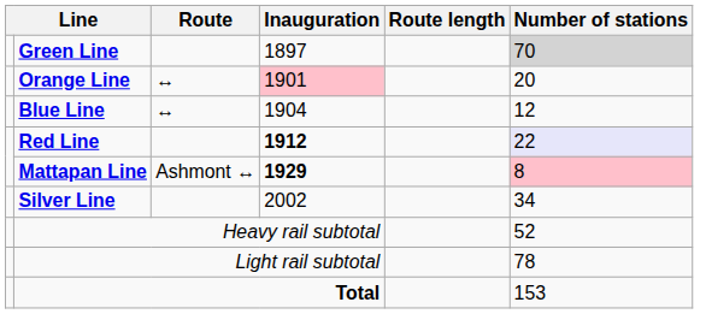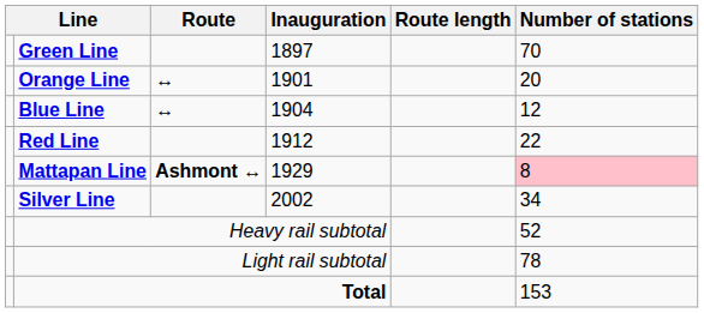 <table class="wikitable">
 <tr>
 <th colspan="2">Line</th>
 <th>Route</th>
 <th>Inauguration</th>
 <th>Route length</th>
 <th>Number of stations</th>
 </tr>
 <tr>
 <td style="text-align:center; color: white; background-color: #"></td>
 <td><strong><a href='#'>Green Line</a></strong></td>
 <td></td>
 <td>1897</td>
 <td></td>
-<td style="background: lightgrey;">70</td>
+<td>70</td>
 </tr>
 <tr>
 <td style="text-align:center; color: white; background-color: #"></td>
 <td><strong><a href='#'>Orange Line</a></strong></td>
 <td> ↔ </td>
-<td style="background: pink;">1901</td>
+<td>1901</td>
 <td></td>
 <td>20</td>
 </tr>
 <tr>
 <td style="text-align:center; color: white; background-color: #"></td>
 <td><strong><a href='#'>Blue Line</a></strong></td>
 <td> ↔ </td>
 <td>1904</td>
 <td></td>
 <td>12</td>
 </tr>
 <tr>
 <td rowspan="2" style="text-align:center; color: white; background-color: #"></td>
 <td><strong><a href='#'>Red Line</a></strong></td>
 <td></td>
-<td><strong>1912</strong></td>
+<td>1912</td>
 <td></td>
-<td style="background: lavender;">22</td>
+<td>22</td>
 </tr>
 <tr>
 <td><strong><a href='#'>Mattapan Line</a></strong></td>
-<td>Ashmont ↔ </td>
-<td><strong>1929</strong></td>
+<td><strong>Ashmont ↔ </strong></td>
+<td>1929</td>
 <td></td>
 <td style="background: pink;">8</td>
 </tr>
 <tr>
 <td style="text-align:center; color: white; background-color: #"></td>
 <td><strong><a href='#'>Silver Line</a></strong></td>
 <td></td>
 <td>2002</td>
 <td></td>
 <td>34</td>
 </tr>
 <tr>
 <td></td>
 <td colspan="3" align="right"><em>Heavy rail subtotal</em></td>
 <td></td>
 <td>52</td>
 </tr>
 <tr>
 <td></td>
 <td colspan="3" align="right"><em>Light rail subtotal</em></td>
 <td></td>
 <td>78</td>
 </tr>
 <tr>
 <td></td>
 <td colspan="3" align="right"><strong>Total</strong></td>
 <td></td>
 <td>153</td>
 </tr>
 </table>
